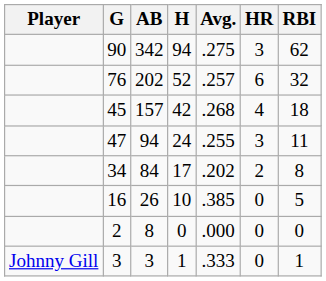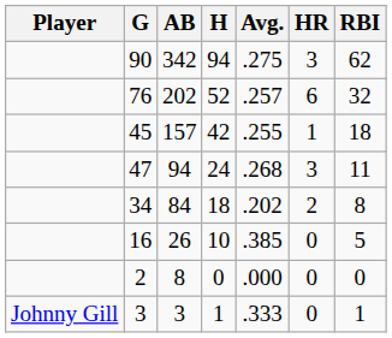 <table class="wikitable sortable" style="text-align:center;">
 <tr>
 <th>Player</th>
 <th>G</th>
 <th>AB</th>
 <th>H</th>
 <th>Avg.</th>
 <th>HR</th>
 <th>RBI</th>
 </tr>
 <tr>
 <td></td>
 <td>90</td>
 <td>342</td>
 <td>94</td>
 <td>.275</td>
 <td>3</td>
 <td>62</td>
 </tr>
 <tr>
 <td></td>
 <td>76</td>
 <td>202</td>
 <td>52</td>
 <td>.257</td>
 <td>6</td>
 <td>32</td>
 </tr>
 <tr>
 <td></td>
 <td>45</td>
 <td>157</td>
 <td>42</td>
-<td>.268</td>
-<td>4</td>
+<td>.255</td>
+<td>1</td>
 <td>18</td>
 </tr>
 <tr>
 <td></td>
 <td>47</td>
 <td>94</td>
 <td>24</td>
-<td>.255</td>
+<td>.268</td>
 <td>3</td>
 <td>11</td>
 </tr>
 <tr>
 <td></td>
 <td>34</td>
 <td>84</td>
-<td>17</td>
+<td>18</td>
 <td>.202</td>
 <td>2</td>
 <td>8</td>
 </tr>
 <tr>
 <td></td>
 <td>16</td>
 <td>26</td>
 <td>10</td>
 <td>.385</td>
 <td>0</td>
 <td>5</td>
 </tr>
 <tr>
 <td></td>
 <td>2</td>
 <td>8</td>
 <td>0</td>
 <td>.000</td>
 <td>0</td>
 <td>0</td>
 </tr>
 <tr>
 <td><a href='#'>Johnny Gill</a></td>
 <td>3</td>
 <td>3</td>
 <td>1</td>
 <td>.333</td>
 <td>0</td>
 <td>1</td>
 </tr>
 </table>
